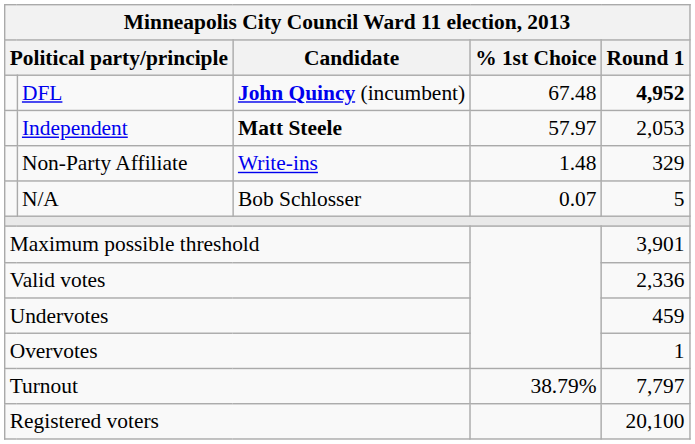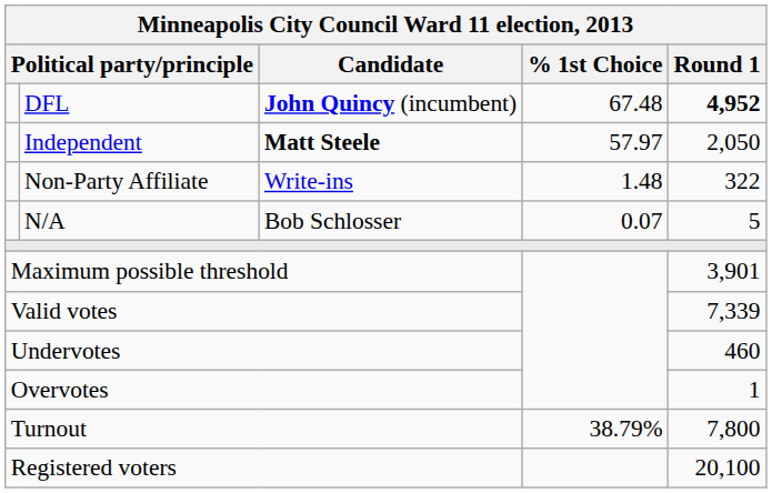 <table class="wikitable" style="font-size:95%">
 <tr>
 <th colspan="5">Minneapolis City Council Ward 11 election, 2013</th>
 </tr>
 <tr>
 <th colspan="2">Political party/principle</th>
 <th>Candidate</th>
 <th>% 1st Choice</th>
 <th>Round 1</th>
 </tr>
 <tr>
 <td style="background-color:"></td>
 <td><a href='#'>DFL</a></td>
 <td><strong><a href='#'>John Quincy</a></strong> (incumbent)</td>
 <td align="right">67.48</td>
 <td align="right"><strong>4,952</strong></td>
 </tr>
 <tr>
 <td style="background-color:"></td>
 <td><a href='#'>Independent</a></td>
 <td><strong>Matt Steele</strong></td>
 <td align="right">57.97</td>
-<td align="right">2,053</td>
+<td align="right">2,050</td>
 </tr>
 <tr>
 <td style="background-color:"></td>
 <td>Non-Party Affiliate</td>
 <td><a href='#'>Write-ins</a></td>
 <td align="right">1.48</td>
-<td align="right">329</td>
+<td align="right">322</td>
 </tr>
 <tr>
 <td style="background-color:"></td>
 <td>N/A</td>
 <td>Bob Schlosser</td>
 <td align="right">0.07</td>
 <td align="right">5</td>
 </tr>
 <tr>
 <td colspan="5" style="background: #E9E9E9"></td>
 </tr>
 <tr>
 <td colspan="3">Maximum possible threshold</td>
 <td rowspan="4"></td>
 <td align="right">3,901</td>
 </tr>
 <tr>
 <td colspan="3">Valid votes</td>
-<td align="right">2,336</td>
+<td align="right">7,339</td>
 </tr>
 <tr>
 <td colspan="3">Undervotes</td>
-<td align="right">459</td>
+<td align="right">460</td>
 </tr>
 <tr>
 <td colspan="3">Overvotes</td>
 <td align="right">1</td>
 </tr>
 <tr>
 <td colspan="3">Turnout</td>
 <td align="right">38.79%</td>
-<td align="right">7,797</td>
+<td align="right">7,800</td>
 </tr>
 <tr>
 <td colspan="3">Registered voters</td>
 <td></td>
 <td align="right">20,100</td>
 </tr>
 </table>
